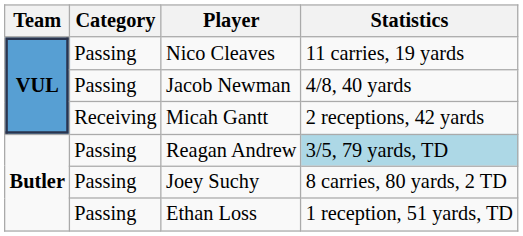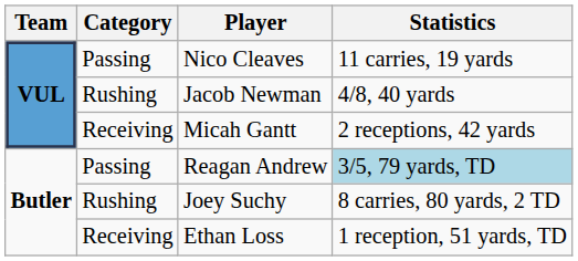 <table class="wikitable" style="float: right;">
 <tr>
 <th>Team</th>
 <th>Category</th>
 <th>Player</th>
 <th>Statistics</th>
 </tr>
 <tr>
 <td rowspan=3 style="background-color:#579FD3;color:#000000;box-shadow: inset 2px 2px 0 #2A344E, inset -2px -2px 0 #2A344E; text-align:center;"><strong>VUL</strong></td>
 <td>Passing</td>
 <td>Nico Cleaves</td>
 <td>11 carries, 19 yards</td>
 </tr>
 <tr>
-<td>Passing</td>
+<td>Rushing</td>
 <td>Jacob Newman</td>
 <td>4/8, 40 yards</td>
 </tr>
 <tr>
 <td>Receiving</td>
 <td>Micah Gantt</td>
 <td>2 receptions, 42 yards</td>
 </tr>
 <tr>
 <td rowspan=3><strong>Butler</strong></td>
 <td>Passing</td>
 <td>Reagan Andrew</td>
 <td style="background: lightblue;">3/5, 79 yards, TD</td>
 </tr>
 <tr>
-<td>Passing</td>
+<td>Rushing</td>
 <td>Joey Suchy</td>
 <td>8 carries, 80 yards, 2 TD</td>
 </tr>
 <tr>
-<td>Passing</td>
+<td>Receiving</td>
 <td>Ethan Loss</td>
 <td>1 reception, 51 yards, TD</td>
 </tr>
 </table>
